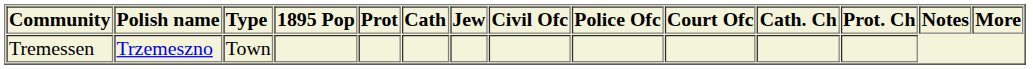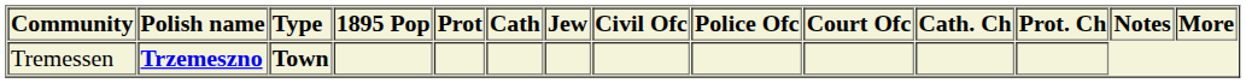 <table border=1 cellspacing=1 bgcolor="#F4F4DB">
 <tr>
 <td><strong>Community</strong></td>
 <td><strong>Polish name</strong></td>
 <td><strong>Type</strong></td>
 <td><strong>1895 Pop</strong></td>
 <td><strong>Prot</strong></td>
 <td><strong>Cath</strong></td>
 <td><strong>Jew</strong></td>
 <td><strong>Civil Ofc</strong></td>
 <td><strong>Police Ofc</strong></td>
 <td><strong>Court Ofc</strong></td>
 <td><strong>Cath. Ch</strong></td>
 <td><strong>Prot. Ch</strong></td>
 <td><strong>Notes</strong></td>
 <td><strong>More</strong></td>
 </tr>
 <tr>
 <td>Tremessen</td>
-<td><a href='#'>Trzemeszno</a></td>
-<td>Town</td>
+<td><strong><a href='#'>Trzemeszno</a></strong></td>
+<td><strong>Town</strong></td>
 <td></td>
 <td></td>
 <td></td>
 <td></td>
 <td></td>
 <td></td>
 <td></td>
 <td></td>
 <td></td>
 </tr>
 </table>
